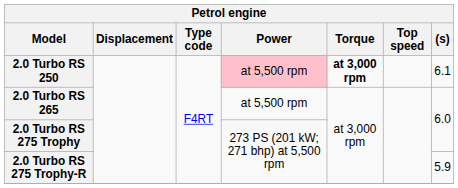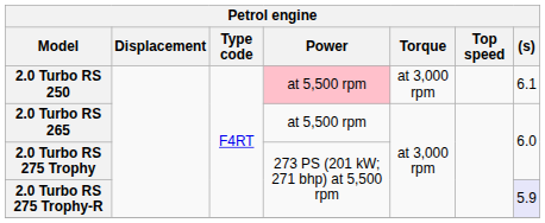 <table class="wikitable" style="text-align: center;">
 <tr>
 <th colspan=7>Petrol engine</th>
 </tr>
 <tr>
 <th>Model</th>
 <th>Displacement</th>
 <th>Type code</th>
 <th>Power</th>
 <th>Torque</th>
 <th>Top speed</th>
 <th> (s)</th>
 </tr>
 <tr>
 <th>2.0 Turbo RS 250</th>
 <td rowspan="4"></td>
 <td rowspan="4"><a href='#'>F4RT</a></td>
 <td style="background: pink;"> at 5,500 rpm</td>
-<td><strong> at 3,000 rpm</strong></td>
+<td> at 3,000 rpm</td>
 <td></td>
 <td>6.1</td>
 </tr>
 <tr>
 <th>2.0 Turbo RS 265</th>
 <td> at 5,500 rpm</td>
 <td rowspan="3"> at 3,000 rpm</td>
 <td rowspan="3"></td>
 <td rowspan="2">6.0</td>
 </tr>
 <tr>
 <th>2.0 Turbo RS 275 Trophy</th>
 <td rowspan="2">273 PS (201 kW; 271 bhp) at 5,500 rpm</td>
 </tr>
 <tr>
 <th>2.0 Turbo RS 275 Trophy-R</th>
-<td>5.9</td>
+<td style="background: lavender;">5.9</td>
 </tr>
 <tr>
 </tr>
 </table>
